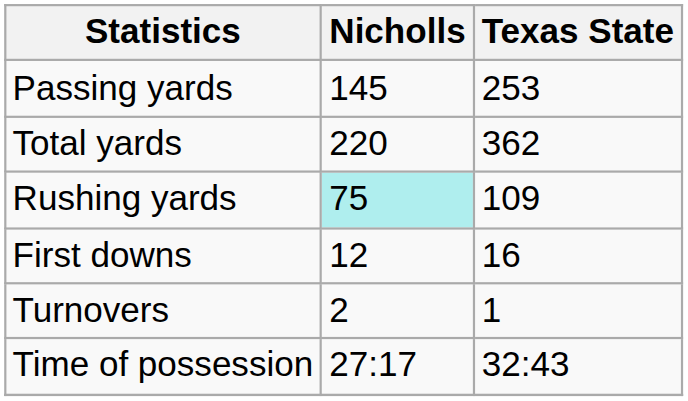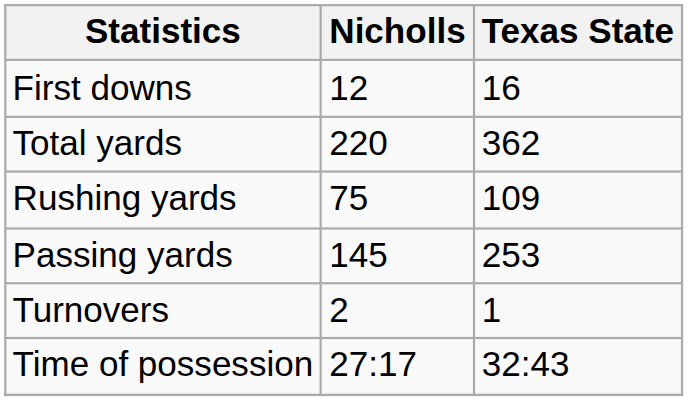 <table class="wikitable" style="float: right;">
 <tr>
 <th>Statistics</th>
 <th>Nicholls</th>
 <th>Texas State</th>
 </tr>
 <tr>
-<td>Passing yards</td>
-<td>145</td>
-<td>253</td>
+<td>First downs</td>
+<td>12</td>
+<td>16</td>
 </tr>
 <tr>
 <td>Total yards</td>
 <td>220</td>
 <td>362</td>
 </tr>
 <tr>
 <td>Rushing yards</td>
-<td style="background: paleturquoise;">75</td>
+<td>75</td>
 <td>109</td>
 </tr>
 <tr>
-<td>First downs</td>
-<td>12</td>
-<td>16</td>
+<td>Passing yards</td>
+<td>145</td>
+<td>253</td>
 </tr>
 <tr>
 <td>Turnovers</td>
 <td>2</td>
 <td>1</td>
 </tr>
 <tr>
 <td>Time of possession</td>
 <td>27:17</td>
 <td>32:43</td>
 </tr>
 <tr>
 </tr>
 </table>
